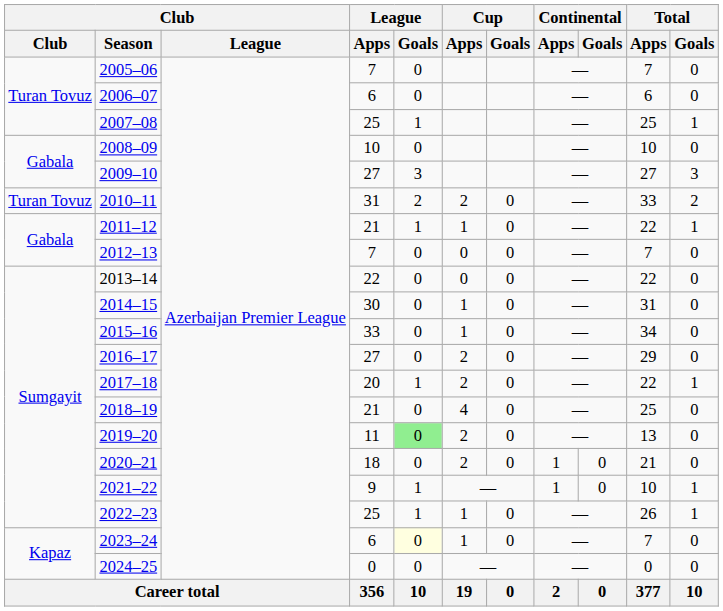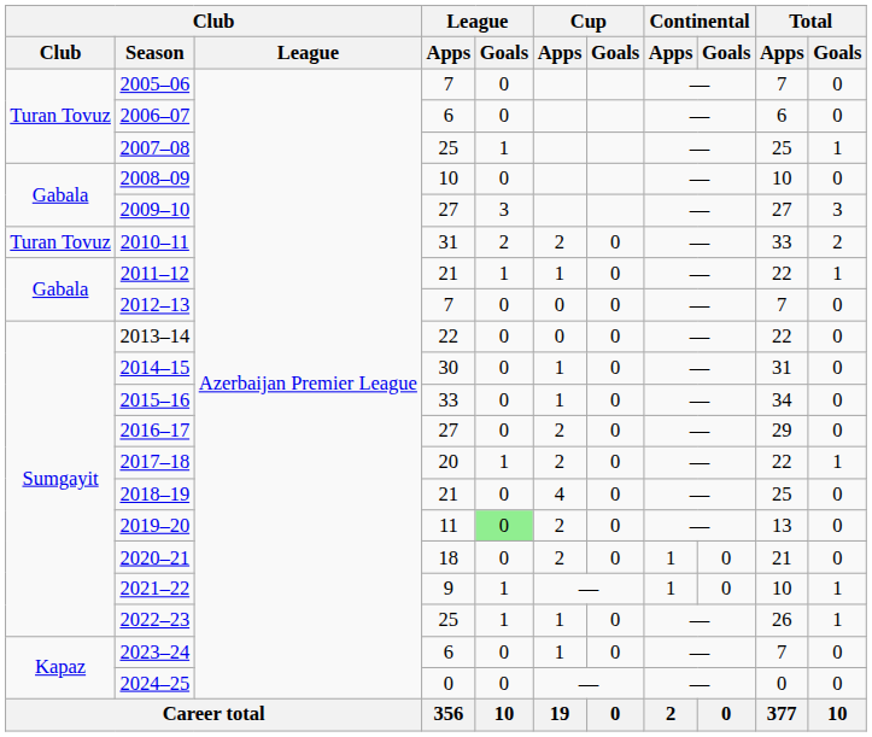 <table class="wikitable" style="text-align:center">
 <tr>
 <th colspan=3>Club</th>
 <th colspan=2>League</th>
 <th colspan=2>Cup</th>
 <th colspan=2>Continental</th>
 <th colspan=2>Total</th>
 </tr>
 <tr>
 <th>Club</th>
 <th>Season</th>
 <th>League</th>
 <th>Apps</th>
 <th>Goals</th>
 <th>Apps</th>
 <th>Goals</th>
 <th>Apps</th>
 <th>Goals</th>
 <th>Apps</th>
 <th>Goals</th>
 </tr>
 <tr>
 <td rowspan="3"><a href='#'>Turan Tovuz</a></td>
 <td><a href='#'>2005–06</a></td>
 <td rowspan="20"><a href='#'>Azerbaijan Premier League</a></td>
 <td>7</td>
 <td>0</td>
 <td></td>
 <td></td>
 <td colspan="2">—</td>
 <td>7</td>
 <td>0</td>
 </tr>
 <tr>
 <td><a href='#'>2006–07</a></td>
 <td>6</td>
 <td>0</td>
 <td></td>
 <td></td>
 <td colspan="2">—</td>
 <td>6</td>
 <td>0</td>
 </tr>
 <tr>
 <td><a href='#'>2007–08</a></td>
 <td>25</td>
 <td>1</td>
 <td></td>
 <td></td>
 <td colspan="2">—</td>
 <td>25</td>
 <td>1</td>
 </tr>
 <tr>
 <td rowspan="2"><a href='#'>Gabala</a></td>
 <td><a href='#'>2008–09</a></td>
 <td>10</td>
 <td>0</td>
 <td></td>
 <td></td>
 <td colspan="2">—</td>
 <td>10</td>
 <td>0</td>
 </tr>
 <tr>
 <td><a href='#'>2009–10</a></td>
 <td>27</td>
 <td>3</td>
 <td></td>
 <td></td>
 <td colspan="2">—</td>
 <td>27</td>
 <td>3</td>
 </tr>
 <tr>
 <td><a href='#'>Turan Tovuz</a></td>
 <td><a href='#'>2010–11</a></td>
 <td>31</td>
 <td>2</td>
 <td>2</td>
 <td>0</td>
 <td colspan="2">—</td>
 <td>33</td>
 <td>2</td>
 </tr>
 <tr>
 <td rowspan="2"><a href='#'>Gabala</a></td>
 <td><a href='#'>2011–12</a></td>
 <td>21</td>
 <td>1</td>
 <td>1</td>
 <td>0</td>
 <td colspan="2">—</td>
 <td>22</td>
 <td>1</td>
 </tr>
 <tr>
 <td><a href='#'>2012–13</a></td>
 <td>7</td>
 <td>0</td>
 <td>0</td>
 <td>0</td>
 <td colspan="2">—</td>
 <td>7</td>
 <td>0</td>
 </tr>
 <tr>
 <td rowspan="10"><a href='#'>Sumgayit</a></td>
 <td>2013–14</td>
 <td>22</td>
 <td>0</td>
 <td>0</td>
 <td>0</td>
 <td colspan="2">—</td>
 <td>22</td>
 <td>0</td>
 </tr>
 <tr>
 <td><a href='#'>2014–15</a></td>
 <td>30</td>
 <td>0</td>
 <td>1</td>
 <td>0</td>
 <td colspan="2">—</td>
 <td>31</td>
 <td>0</td>
 </tr>
 <tr>
 <td><a href='#'>2015–16</a></td>
 <td>33</td>
 <td>0</td>
 <td>1</td>
 <td>0</td>
 <td colspan="2">—</td>
 <td>34</td>
 <td>0</td>
 </tr>
 <tr>
 <td><a href='#'>2016–17</a></td>
 <td>27</td>
 <td>0</td>
 <td>2</td>
 <td>0</td>
 <td colspan="2">—</td>
 <td>29</td>
 <td>0</td>
 </tr>
 <tr>
 <td><a href='#'>2017–18</a></td>
 <td>20</td>
 <td>1</td>
 <td>2</td>
 <td>0</td>
 <td colspan="2">—</td>
 <td>22</td>
 <td>1</td>
 </tr>
 <tr>
 <td><a href='#'>2018–19</a></td>
 <td>21</td>
 <td>0</td>
 <td>4</td>
 <td>0</td>
 <td colspan="2">—</td>
 <td>25</td>
 <td>0</td>
 </tr>
 <tr>
 <td><a href='#'>2019–20</a></td>
 <td>11</td>
 <td style="background: lightgreen;">0</td>
 <td>2</td>
 <td>0</td>
 <td colspan="2">—</td>
 <td>13</td>
 <td>0</td>
 </tr>
 <tr>
 <td><a href='#'>2020–21</a></td>
 <td>18</td>
 <td>0</td>
 <td>2</td>
 <td>0</td>
 <td>1</td>
 <td>0</td>
 <td>21</td>
 <td>0</td>
 </tr>
 <tr>
 <td><a href='#'>2021–22</a></td>
 <td>9</td>
 <td>1</td>
 <td colspan="2">—</td>
 <td>1</td>
 <td>0</td>
 <td>10</td>
 <td>1</td>
 </tr>
 <tr>
 <td><a href='#'>2022–23</a></td>
 <td>25</td>
 <td>1</td>
 <td>1</td>
 <td>0</td>
 <td colspan="2">—</td>
 <td>26</td>
 <td>1</td>
 </tr>
 <tr>
 <td rowspan="2"><a href='#'>Kapaz</a></td>
 <td><a href='#'>2023–24</a></td>
 <td>6</td>
-<td style="background: lightyellow;">0</td>
+<td>0</td>
 <td>1</td>
 <td>0</td>
 <td colspan="2">—</td>
 <td>7</td>
 <td>0</td>
 </tr>
 <tr>
 <td><a href='#'>2024–25</a></td>
 <td>0</td>
 <td>0</td>
 <td colspan="2">—</td>
 <td colspan="2">—</td>
 <td>0</td>
 <td>0</td>
 </tr>
 <tr>
 <th colspan=3>Career total</th>
 <th>356</th>
 <th>10</th>
 <th>19</th>
 <th>0</th>
 <th>2</th>
 <th>0</th>
 <th>377</th>
 <th>10</th>
 </tr>
 </table>
